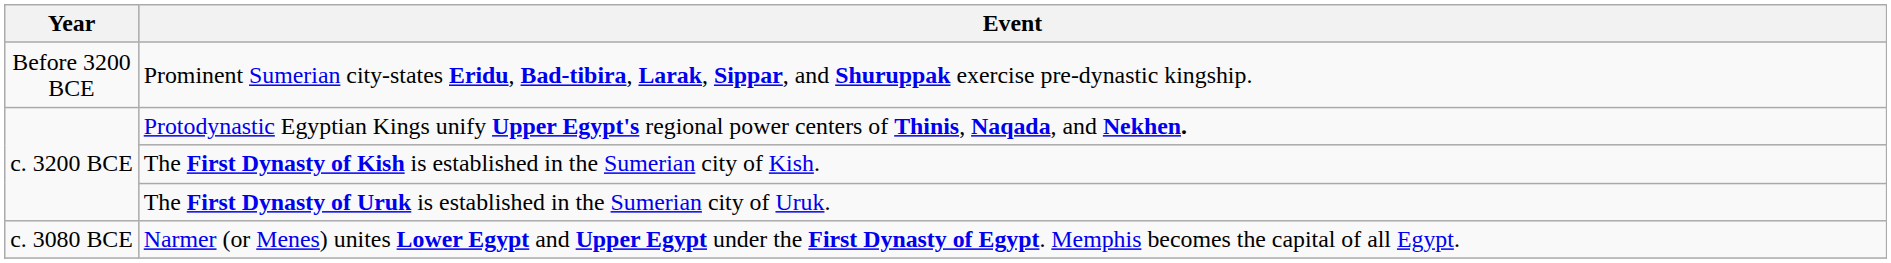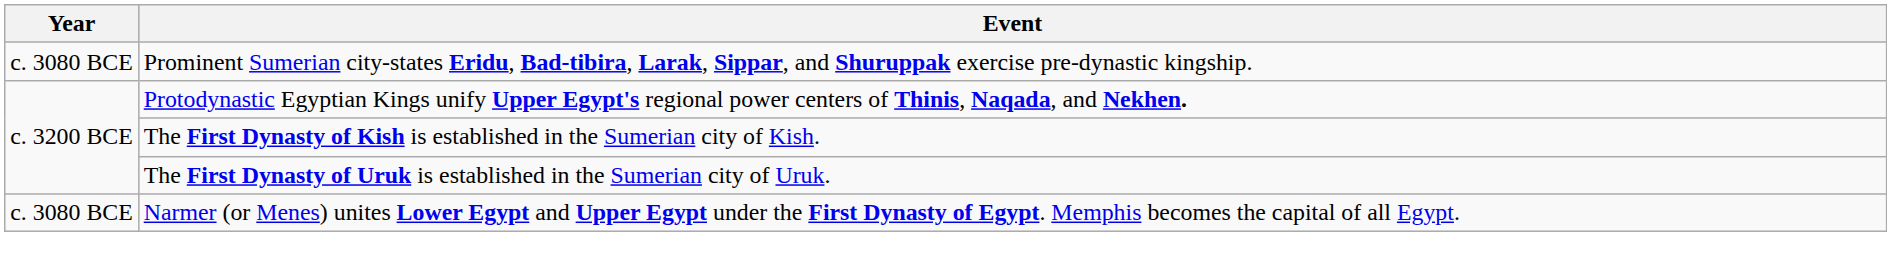 <table class=wikitable style="width:100%;">
 <tr>
 <th style="width:5%">Year</th>
 <th style="width:95%">Event</th>
 </tr>
 <tr>
-<td align="center">Before 3200 BCE</td>
+<td align=center>c. 3080 BCE</td>
 <td>Prominent <a href='#'>Sumerian</a> city-states <strong><a href='#'>Eridu</a></strong>, <strong><a href='#'>Bad-tibira</a></strong>, <a href='#'><strong>Larak</strong></a>, <strong><a href='#'>Sippar</a></strong>, and <strong><a href='#'>Shuruppak</a></strong> exercise pre-dynastic kingship.</td>
 </tr>
 <tr>
 <td rowspan="3">c. 3200 BCE</td>
 <td><a href='#'>Protodynastic</a> Egyptian Kings unify <a href='#'><strong>Upper Egypt's</strong></a> regional power centers of <strong><a href='#'>Thinis</a></strong>, <strong><a href='#'>Naqada</a></strong>, and <strong><a href='#'>Nekhen</a>.</strong></td>
 </tr>
 <tr>
 <td>The <strong><a href='#'>First Dynasty of Kish</a></strong> is established in the <a href='#'>Sumerian</a> city of <a href='#'>Kish</a>.</td>
 </tr>
 <tr>
 <td>The <strong><a href='#'>First Dynasty of Uruk</a></strong> is established in the <a href='#'>Sumerian</a> city of <a href='#'>Uruk</a>.</td>
 </tr>
 <tr>
 <td align=center>c. 3080 BCE</td>
 <td><a href='#'>Narmer</a> (or <a href='#'>Menes</a>) unites <strong><a href='#'>Lower Egypt</a></strong> and <strong><a href='#'>Upper Egypt</a></strong> under the <strong><a href='#'>First Dynasty of Egypt</a></strong>. <a href='#'>Memphis</a> becomes the capital of all <a href='#'>Egypt</a>.</td>
 </tr>
 </table>
